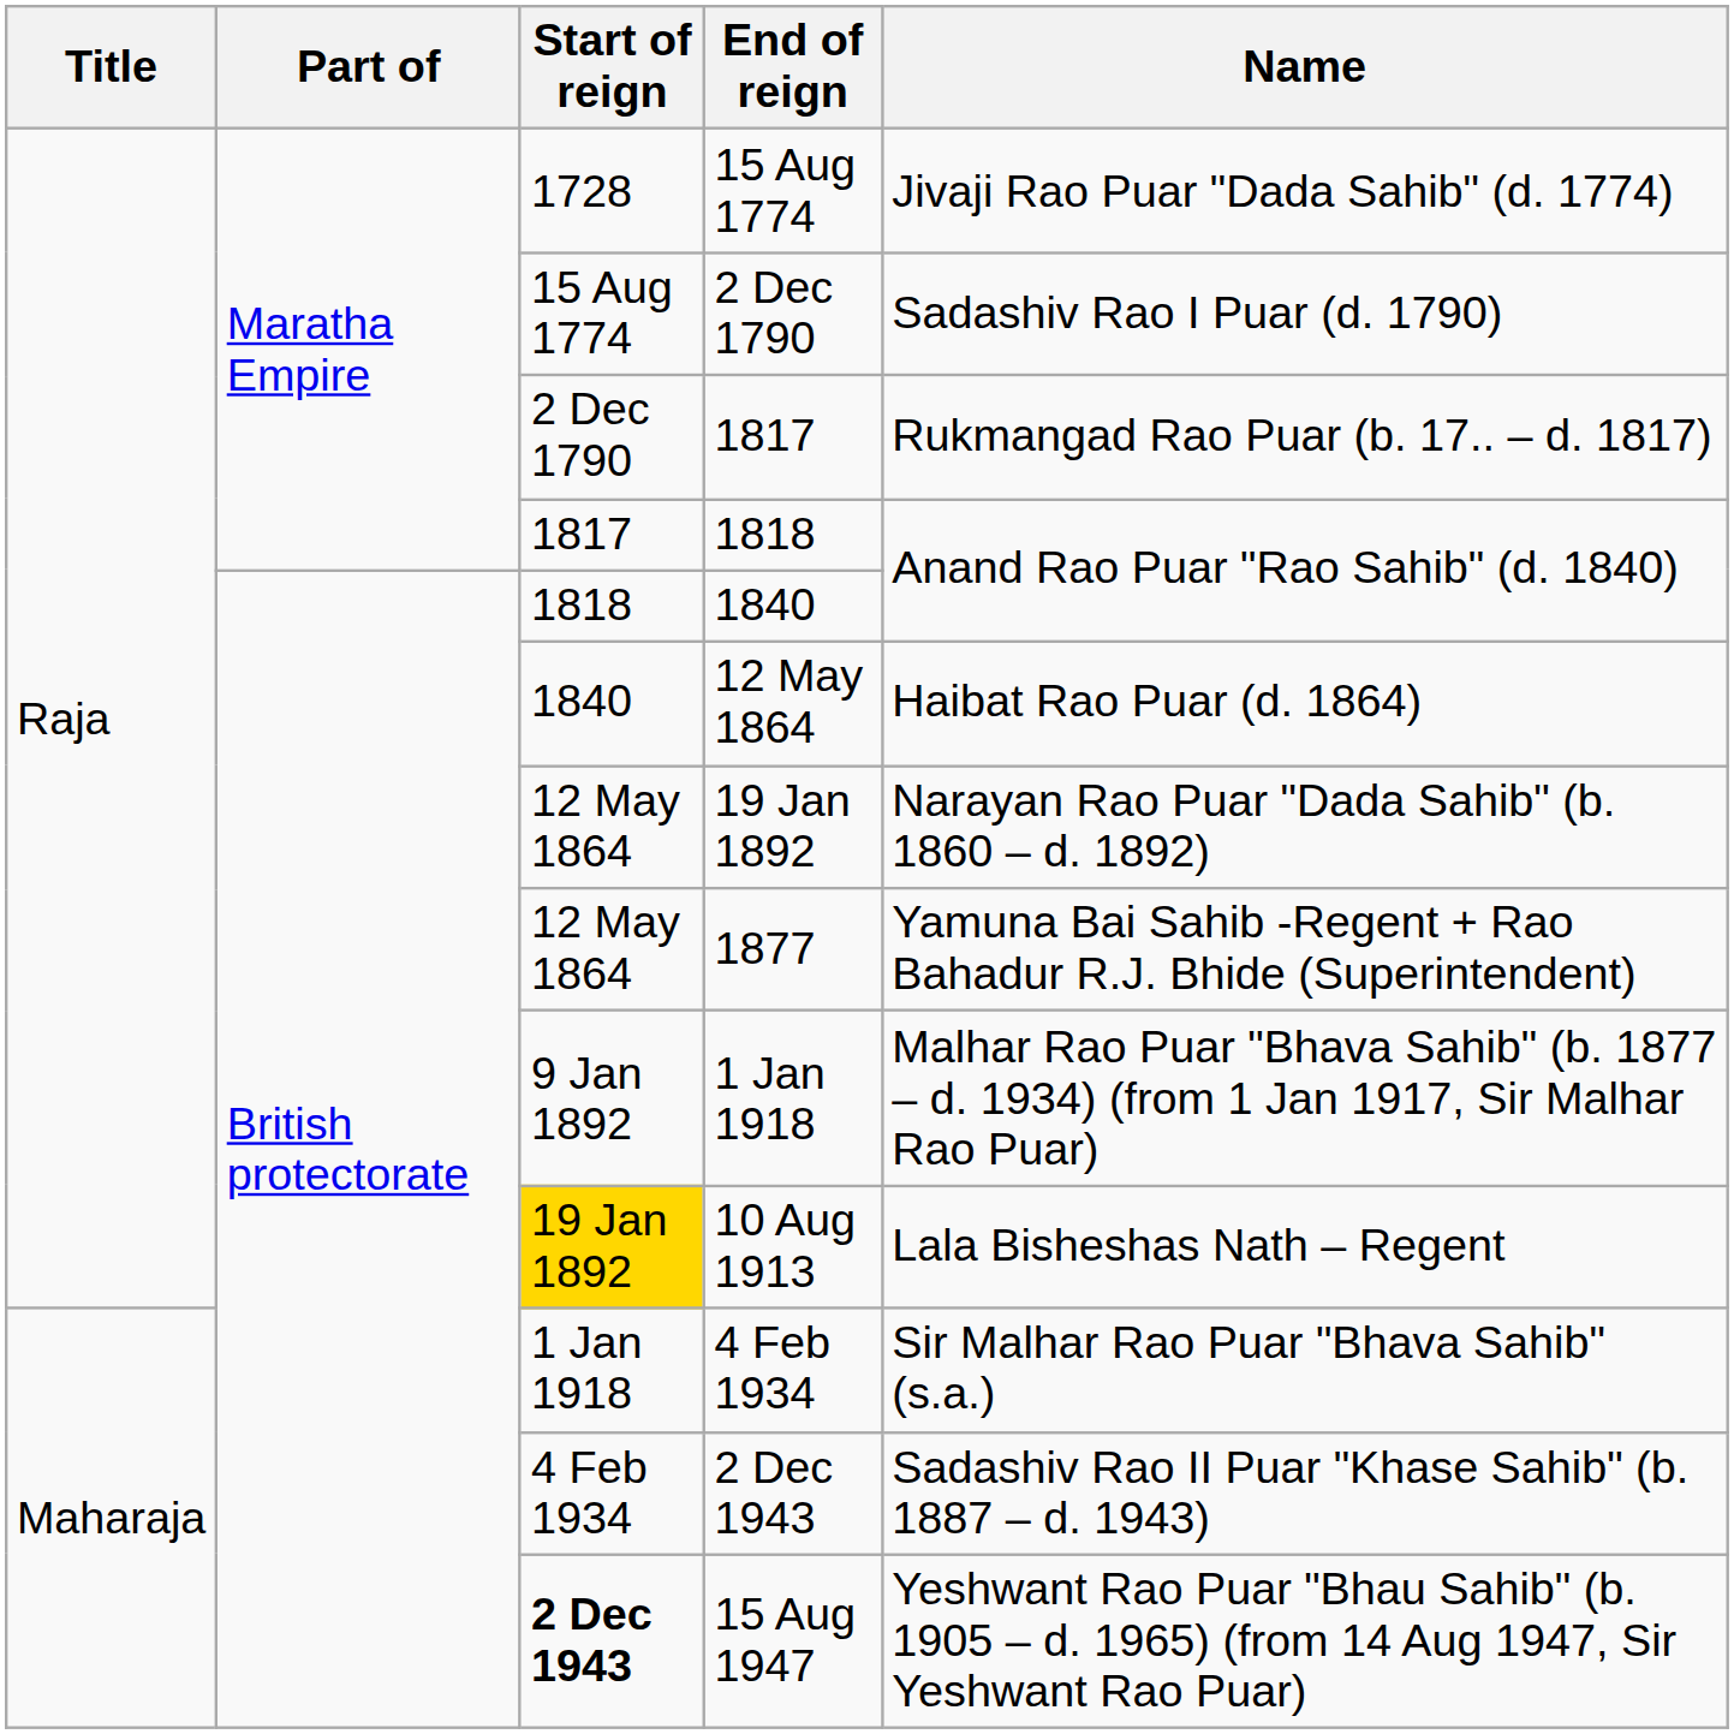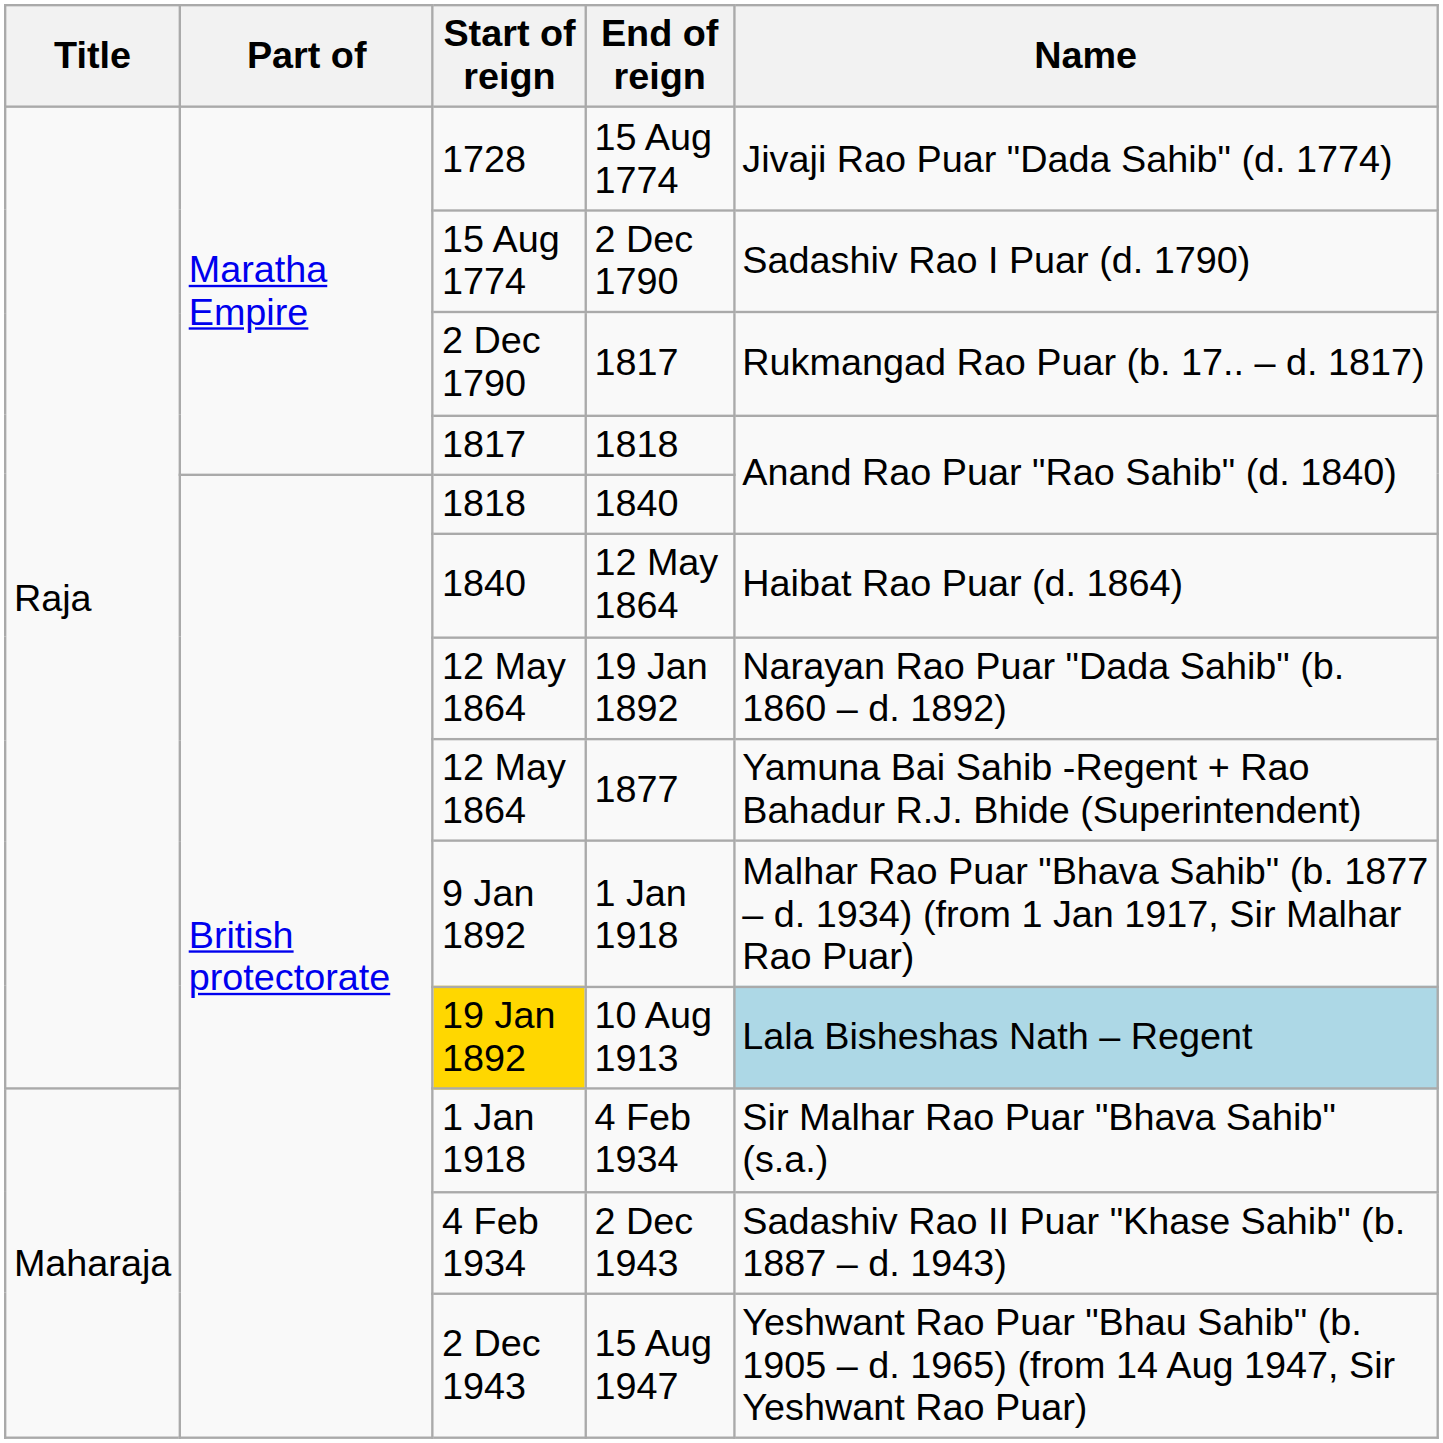 <table class="wikitable sortable">
 <tr>
 <th>Title</th>
 <th>Part of</th>
 <th>Start of reign</th>
 <th>End of reign</th>
 <th>Name</th>
 </tr>
 <tr>
 <td rowspan="10">Raja</td>
 <td rowspan="4"><a href='#'>Maratha Empire</a></td>
 <td>1728</td>
 <td>15 Aug 1774</td>
 <td>Jivaji Rao Puar "Dada Sahib" (d. 1774)</td>
 </tr>
 <tr>
 <td>15 Aug 1774</td>
 <td>2 Dec 1790</td>
 <td>Sadashiv Rao I Puar (d. 1790)</td>
 </tr>
 <tr>
 <td>2 Dec 1790</td>
 <td>1817</td>
 <td>Rukmangad Rao Puar (b. 17.. – d. 1817)</td>
 </tr>
 <tr>
 <td>1817</td>
 <td>1818</td>
 <td rowspan="2">Anand Rao Puar "Rao Sahib" (d. 1840)</td>
 </tr>
 <tr>
 <td rowspan="9"><a href='#'>British protectorate</a></td>
 <td>1818</td>
 <td>1840</td>
 </tr>
 <tr>
 <td>1840</td>
 <td>12 May 1864</td>
 <td>Haibat Rao Puar (d. 1864)</td>
 </tr>
 <tr>
 <td>12 May 1864</td>
 <td>19 Jan 1892</td>
 <td>Narayan Rao Puar "Dada Sahib" (b. 1860 – d. 1892)</td>
 </tr>
 <tr>
 <td>12 May 1864</td>
 <td>1877</td>
 <td>Yamuna Bai Sahib -Regent + Rao Bahadur R.J. Bhide (Superintendent)</td>
 </tr>
 <tr>
 <td>9 Jan 1892</td>
 <td>1 Jan 1918</td>
 <td>Malhar Rao Puar "Bhava Sahib" (b. 1877 – d. 1934) (from 1 Jan 1917, Sir Malhar Rao Puar)</td>
 </tr>
 <tr>
 <td style="background: gold;">19 Jan 1892</td>
 <td>10 Aug 1913</td>
-<td>Lala Bisheshas Nath – Regent</td>
+<td style="background: lightblue;">Lala Bisheshas Nath – Regent</td>
 </tr>
 <tr>
 <td rowspan="3">Maharaja</td>
 <td>1 Jan 1918</td>
 <td>4 Feb 1934</td>
 <td>Sir Malhar Rao Puar "Bhava Sahib" (s.a.)</td>
 </tr>
 <tr>
 <td>4 Feb 1934</td>
 <td>2 Dec 1943</td>
 <td>Sadashiv Rao II Puar "Khase Sahib" (b. 1887 – d. 1943)</td>
 </tr>
 <tr>
-<td><strong>2 Dec 1943</strong></td>
+<td>2 Dec 1943</td>
 <td>15 Aug 1947</td>
 <td>Yeshwant Rao Puar "Bhau Sahib" (b. 1905 – d. 1965) (from 14 Aug 1947, Sir Yeshwant Rao Puar)</td>
 </tr>
 </table>
